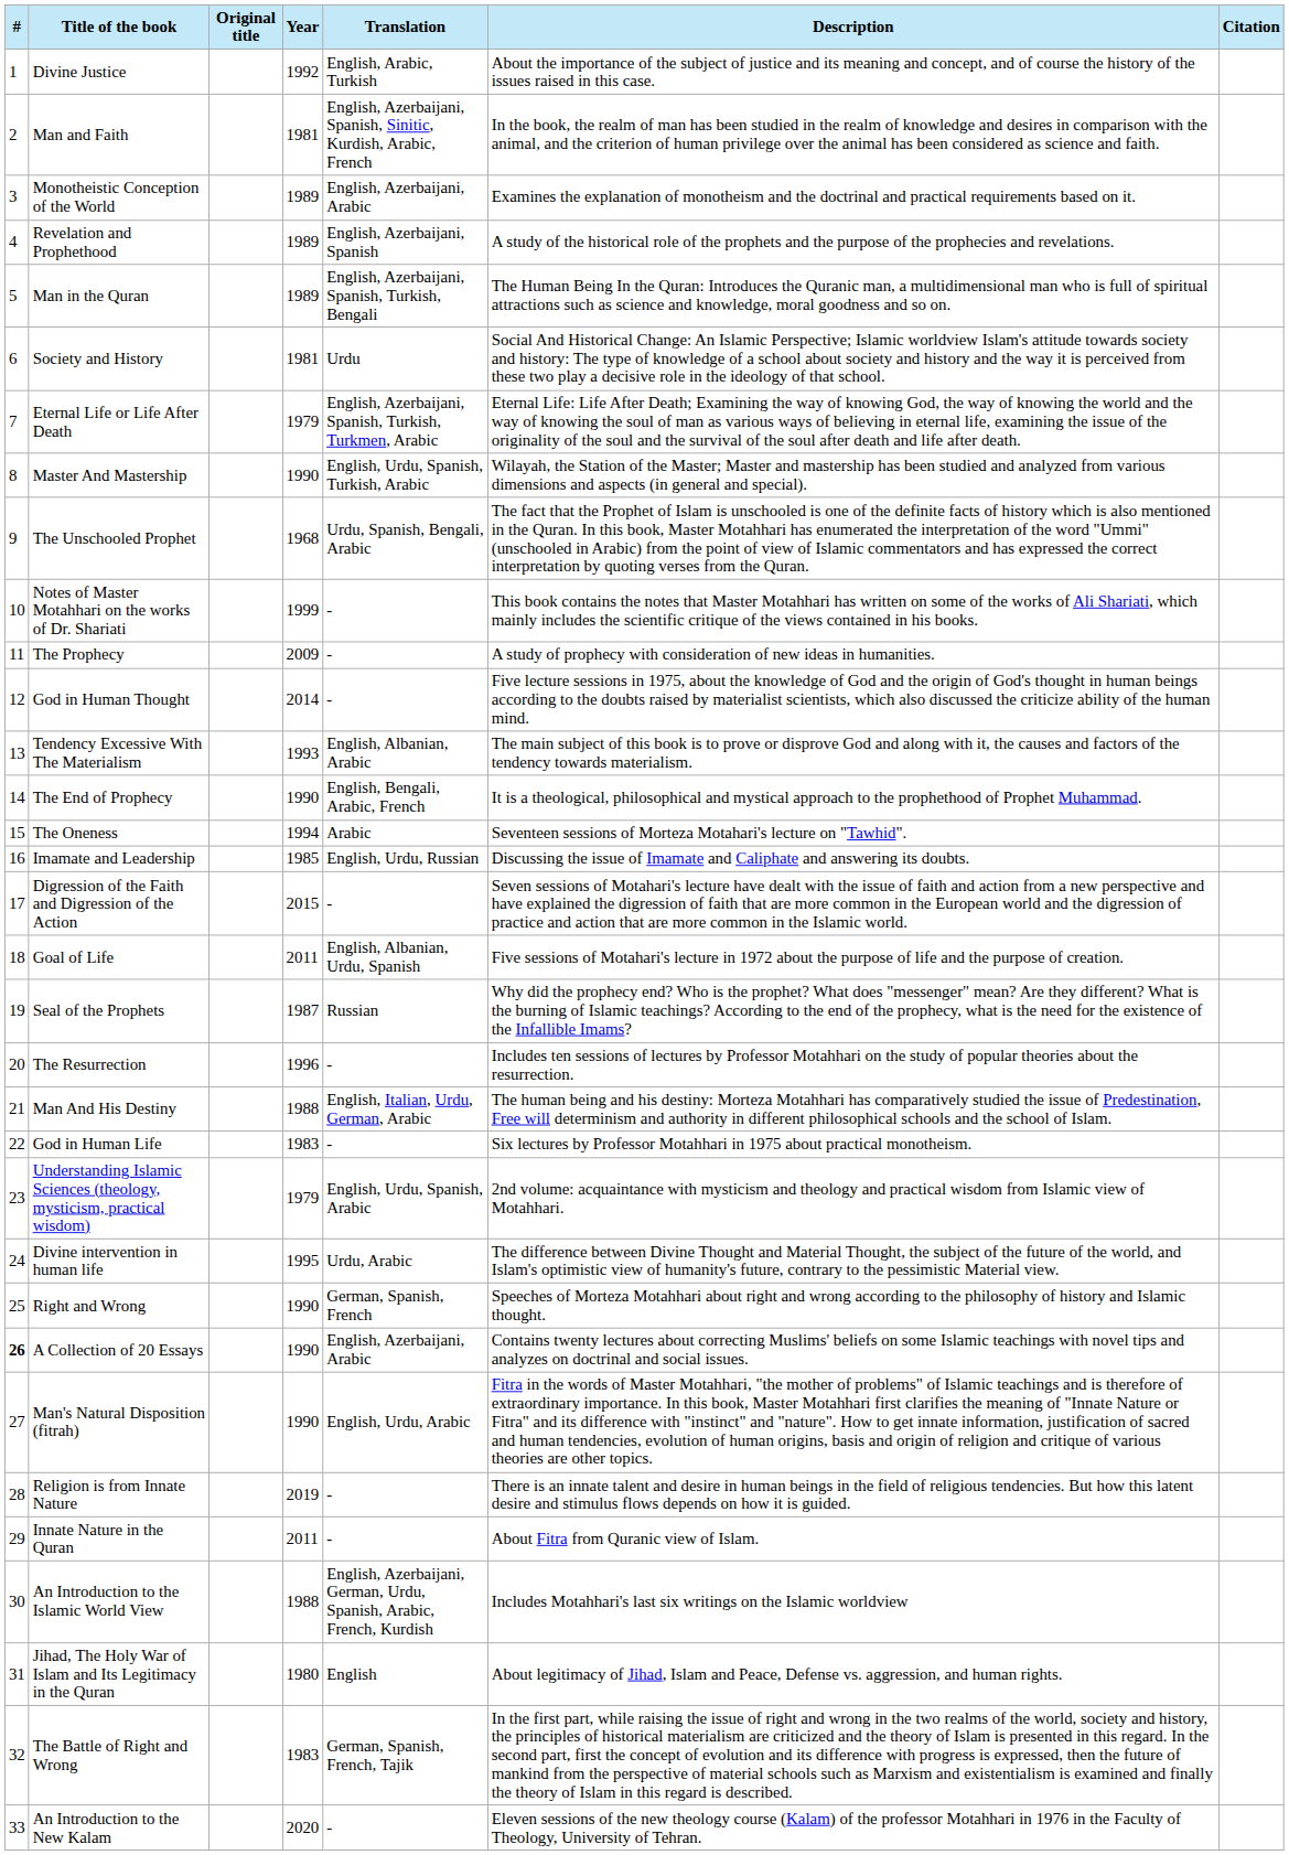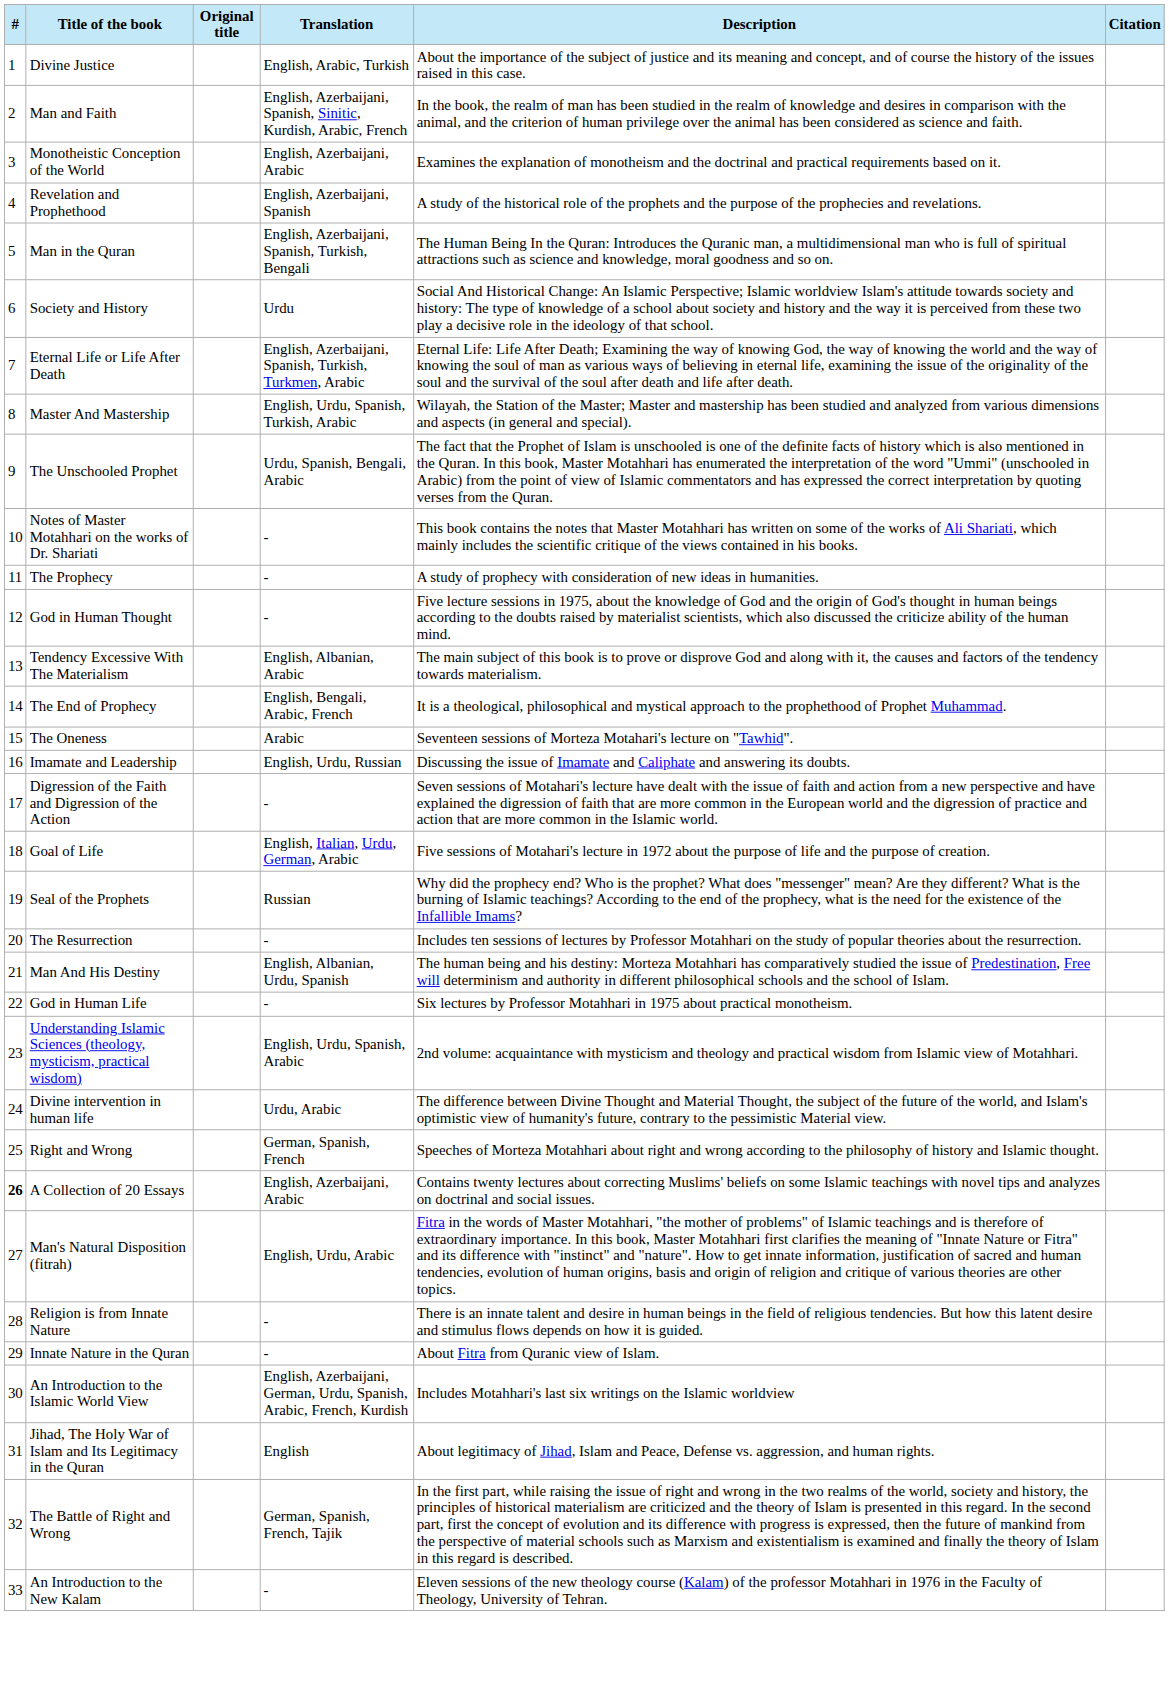 <table class="wikitable" style="background-color:#ffffff; color:#000000">
 <tr>
 <th style="background-color:#c3e8f7;">#</th>
 <th style="background-color:#c3e8f7;">Title of the book</th>
 <th style="background-color:#c3e8f7;">Original title</th>
-<th style="background-color:#c3e8f7;">Year</th>
 <th style="background-color:#c3e8f7;">Translation</th>
 <th style="background-color:#c3e8f7;">Description</th>
 <th style="background-color:#c3e8f7;">Citation</th>
 </tr>
 <tr>
 <td>1</td>
 <td>Divine Justice</td>
 <td></td>
-<td>1992</td>
 <td>English, Arabic, Turkish</td>
 <td>About the importance of the subject of justice and its meaning and concept, and of course the history of the issues raised in this case.</td>
 <td></td>
 </tr>
 <tr>
 <td>2</td>
 <td>Man and Faith</td>
 <td></td>
-<td>1981</td>
 <td>English, Azerbaijani, Spanish, <a href='#'>Sinitic</a>, Kurdish, Arabic, French</td>
 <td>In the book, the realm of man has been studied in the realm of knowledge and desires in comparison with the animal, and the criterion of human privilege over the animal has been considered as science and faith.</td>
 <td></td>
 </tr>
 <tr>
 <td>3</td>
 <td>Monotheistic Conception of the World</td>
 <td></td>
-<td>1989</td>
 <td>English, Azerbaijani, Arabic</td>
 <td>Examines the explanation of monotheism and the doctrinal and practical requirements based on it.</td>
 <td></td>
 </tr>
 <tr>
 <td>4</td>
 <td>Revelation and Prophethood</td>
 <td></td>
-<td>1989</td>
 <td>English, Azerbaijani, Spanish</td>
 <td>A study of the historical role of the prophets and the purpose of the prophecies and revelations.</td>
 <td></td>
 </tr>
 <tr>
 <td>5</td>
 <td>Man in the Quran</td>
 <td></td>
-<td>1989</td>
 <td>English, Azerbaijani, Spanish, Turkish, Bengali</td>
 <td>The Human Being In the Quran: Introduces the Quranic man, a multidimensional man who is full of spiritual attractions such as science and knowledge, moral goodness and so on.</td>
 <td></td>
 </tr>
 <tr>
 <td>6</td>
 <td>Society and History</td>
 <td></td>
-<td>1981</td>
 <td>Urdu</td>
 <td>Social And Historical Change: An Islamic Perspective; Islamic worldview Islam's attitude towards society and history: The type of knowledge of a school about society and history and the way it is perceived from these two play a decisive role in the ideology of that school.</td>
 <td></td>
 </tr>
 <tr>
 <td>7</td>
 <td>Eternal Life or Life After Death</td>
 <td></td>
-<td>1979</td>
 <td>English, Azerbaijani, Spanish, Turkish, <a href='#'>Turkmen</a>, Arabic</td>
 <td>Eternal Life: Life After Death; Examining the way of knowing God, the way of knowing the world and the way of knowing the soul of man as various ways of believing in eternal life, examining the issue of the originality of the soul and the survival of the soul after death and life after death.</td>
 <td></td>
 </tr>
 <tr>
 <td>8</td>
 <td>Master And Mastership</td>
 <td></td>
-<td>1990</td>
 <td>English, Urdu, Spanish, Turkish, Arabic</td>
 <td>Wilayah, the Station of the Master; Master and mastership has been studied and analyzed from various dimensions and aspects (in general and special).</td>
 <td></td>
 </tr>
 <tr>
 <td>9</td>
 <td>The Unschooled Prophet</td>
 <td></td>
-<td>1968</td>
 <td>Urdu, Spanish, Bengali, Arabic</td>
 <td>The fact that the Prophet of Islam is unschooled is one of the definite facts of history which is also mentioned in the Quran. In this book, Master Motahhari has enumerated the interpretation of the word "Ummi" (unschooled in Arabic) from the point of view of Islamic commentators and has expressed the correct interpretation by quoting verses from the Quran.</td>
 <td></td>
 </tr>
 <tr>
 <td>10</td>
 <td>Notes of Master Motahhari on the works of Dr. Shariati</td>
 <td></td>
-<td>1999</td>
 <td>-</td>
 <td>This book contains the notes that Master Motahhari has written on some of the works of <a href='#'>Ali Shariati</a>, which mainly includes the scientific critique of the views contained in his books.</td>
 <td></td>
 </tr>
 <tr>
 <td>11</td>
 <td>The Prophecy</td>
 <td></td>
-<td>2009</td>
 <td>-</td>
 <td>A study of prophecy with consideration of new ideas in humanities.</td>
 <td></td>
 </tr>
 <tr>
 <td>12</td>
 <td>God in Human Thought</td>
 <td></td>
-<td>2014</td>
 <td>-</td>
 <td>Five lecture sessions in 1975, about the knowledge of God and the origin of God's thought in human beings according to the doubts raised by materialist scientists, which also discussed the criticize ability of the human mind.</td>
 <td></td>
 </tr>
 <tr>
 <td>13</td>
 <td>Tendency Excessive With The Materialism</td>
 <td></td>
-<td>1993</td>
 <td>English, Albanian, Arabic</td>
 <td>The main subject of this book is to prove or disprove God and along with it, the causes and factors of the tendency towards materialism.</td>
 <td></td>
 </tr>
 <tr>
 <td>14</td>
 <td>The End of Prophecy</td>
 <td></td>
-<td>1990</td>
 <td>English, Bengali, Arabic, French</td>
 <td>It is a theological, philosophical and mystical approach to the prophethood of Prophet <a href='#'>Muhammad</a>.</td>
 <td></td>
 </tr>
 <tr>
 <td>15</td>
 <td>The Oneness</td>
 <td></td>
-<td>1994</td>
 <td>Arabic</td>
 <td>Seventeen sessions of Morteza Motahari's lecture on "<a href='#'>Tawhid</a>".</td>
 <td></td>
 </tr>
 <tr>
 <td>16</td>
 <td>Imamate and Leadership</td>
 <td></td>
-<td>1985</td>
 <td>English, Urdu, Russian</td>
 <td>Discussing the issue of <a href='#'>Imamate</a> and <a href='#'>Caliphate</a> and answering its doubts.</td>
 <td></td>
 </tr>
 <tr>
 <td>17</td>
 <td>Digression of the Faith and Digression of the Action</td>
 <td></td>
-<td>2015</td>
 <td>-</td>
 <td>Seven sessions of Motahari's lecture have dealt with the issue of faith and action from a new perspective and have explained the digression of faith that are more common in the European world and the digression of practice and action that are more common in the Islamic world.</td>
 <td></td>
 </tr>
 <tr>
 <td>18</td>
 <td>Goal of Life</td>
 <td></td>
-<td>2011</td>
-<td>English, Albanian, Urdu, Spanish</td>
+<td>English, <a href='#'>Italian</a>, <a href='#'>Urdu</a>, <a href='#'>German</a>, Arabic</td>
 <td>Five sessions of Motahari's lecture in 1972 about the purpose of life and the purpose of creation.</td>
 <td></td>
 </tr>
 <tr>
 <td>19</td>
 <td>Seal of the Prophets</td>
 <td></td>
-<td>1987</td>
 <td>Russian</td>
 <td>Why did the prophecy end? Who is the prophet? What does "messenger" mean? Are they different? What is the burning of Islamic teachings? According to the end of the prophecy, what is the need for the existence of the <a href='#'>Infallible Imams</a>?</td>
 <td></td>
 </tr>
 <tr>
 <td>20</td>
 <td>The Resurrection</td>
 <td></td>
-<td>1996</td>
 <td>-</td>
 <td>Includes ten sessions of lectures by Professor Motahhari on the study of popular theories about the resurrection.</td>
 <td></td>
 </tr>
 <tr>
 <td>21</td>
 <td>Man And His Destiny</td>
 <td></td>
-<td>1988</td>
-<td>English, <a href='#'>Italian</a>, <a href='#'>Urdu</a>, <a href='#'>German</a>, Arabic</td>
+<td>English, Albanian, Urdu, Spanish</td>
 <td>The human being and his destiny: Morteza Motahhari has comparatively studied the issue of <a href='#'>Predestination</a>, <a href='#'>Free will</a> determinism and authority in different philosophical schools and the school of Islam.</td>
 <td></td>
 </tr>
 <tr>
 <td>22</td>
 <td>God in Human Life</td>
 <td></td>
-<td>1983</td>
 <td>-</td>
 <td>Six lectures by Professor Motahhari in 1975 about practical monotheism.</td>
 <td></td>
 </tr>
 <tr>
 <td>23</td>
 <td><a href='#'>Understanding Islamic Sciences (theology, mysticism, practical wisdom)</a></td>
 <td></td>
-<td>1979</td>
 <td>English, Urdu, Spanish, Arabic</td>
 <td>2nd volume: acquaintance with mysticism and theology and practical wisdom from Islamic view of Motahhari.</td>
 <td></td>
 </tr>
 <tr>
 <td>24</td>
 <td>Divine intervention in human life</td>
 <td></td>
-<td>1995</td>
 <td>Urdu, Arabic</td>
 <td>The difference between Divine Thought and Material Thought, the subject of the future of the world, and Islam's optimistic view of humanity's future, contrary to the pessimistic Material view.</td>
 <td></td>
 </tr>
 <tr>
 <td>25</td>
 <td>Right and Wrong</td>
 <td></td>
-<td>1990</td>
 <td>German, Spanish, French</td>
 <td>Speeches of Morteza Motahhari about right and wrong according to the philosophy of history and Islamic thought.</td>
 <td></td>
 </tr>
 <tr>
 <td><strong>26</strong></td>
 <td>A Collection of 20 Essays</td>
 <td></td>
-<td>1990</td>
 <td>English, Azerbaijani, Arabic</td>
 <td>Contains twenty lectures about correcting Muslims' beliefs on some Islamic teachings with novel tips and analyzes on doctrinal and social issues.</td>
 <td></td>
 </tr>
 <tr>
 <td>27</td>
 <td>Man's Natural Disposition (fitrah)</td>
 <td></td>
-<td>1990</td>
 <td>English, Urdu, Arabic</td>
 <td><a href='#'>Fitra</a> in the words of Master Motahhari, "the mother of problems" of Islamic teachings and is therefore of extraordinary importance. In this book, Master Motahhari first clarifies the meaning of "Innate Nature or Fitra" and its difference with "instinct" and "nature". How to get innate information, justification of sacred and human tendencies, evolution of human origins, basis and origin of religion and critique of various theories are other topics.</td>
 <td></td>
 </tr>
 <tr>
 <td>28</td>
 <td>Religion is from Innate Nature</td>
 <td></td>
-<td>2019</td>
 <td>-</td>
 <td>There is an innate talent and desire in human beings in the field of religious tendencies. But how this latent desire and stimulus flows depends on how it is guided.</td>
 <td></td>
 </tr>
 <tr>
 <td>29</td>
 <td>Innate Nature in the Quran</td>
 <td></td>
-<td>2011</td>
 <td>-</td>
 <td>About <a href='#'>Fitra</a> from Quranic view of Islam.</td>
 <td></td>
 </tr>
 <tr>
 <td>30</td>
 <td>An Introduction to the Islamic World View</td>
 <td></td>
-<td>1988</td>
 <td>English, Azerbaijani, German, Urdu, Spanish, Arabic, French, Kurdish</td>
 <td>Includes Motahhari's last six writings on the Islamic worldview</td>
 <td></td>
 </tr>
 <tr>
 <td>31</td>
 <td>Jihad, The Holy War of Islam and Its Legitimacy in the Quran</td>
 <td></td>
-<td>1980</td>
 <td>English</td>
 <td>About legitimacy of <a href='#'>Jihad</a>, Islam and Peace, Defense vs. aggression, and human rights.</td>
 <td></td>
 </tr>
 <tr>
 <td>32</td>
 <td>The Battle of Right and Wrong</td>
 <td></td>
-<td>1983</td>
 <td>German, Spanish, French, Tajik</td>
 <td>In the first part, while raising the issue of right and wrong in the two realms of the world, society and history, the principles of historical materialism are criticized and the theory of Islam is presented in this regard. In the second part, first the concept of evolution and its difference with progress is expressed, then the future of mankind from the perspective of material schools such as Marxism and existentialism is examined and finally the theory of Islam in this regard is described.</td>
 <td></td>
 </tr>
 <tr>
 <td>33</td>
 <td>An Introduction to the New Kalam</td>
 <td></td>
-<td>2020</td>
 <td>-</td>
 <td>Eleven sessions of the new theology course (<a href='#'>Kalam</a>) of the professor Motahhari in 1976 in the Faculty of Theology, University of Tehran.</td>
 <td></td>
 </tr>
 </table>
